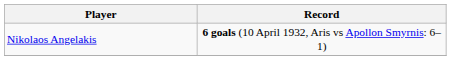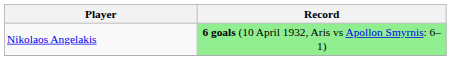 <table class="wikitable" style="text-align: center; font-size:95%">
 <tr>
 <th width="250">Player</th>
 <th width="325">Record</th>
 </tr>
 <tr>
 <td align="left"><a href='#'>Nikolaos Angelakis</a></td>
-<td><strong>6 goals</strong> (10 April 1932, Aris vs <a href='#'>Apollon Smyrnis</a>: 6–1)</td>
+<td style="background: lightgreen;"><strong>6 goals</strong> (10 April 1932, Aris vs <a href='#'>Apollon Smyrnis</a>: 6–1)</td>
 </tr>
 <tr>
 </tr>
 </table>
